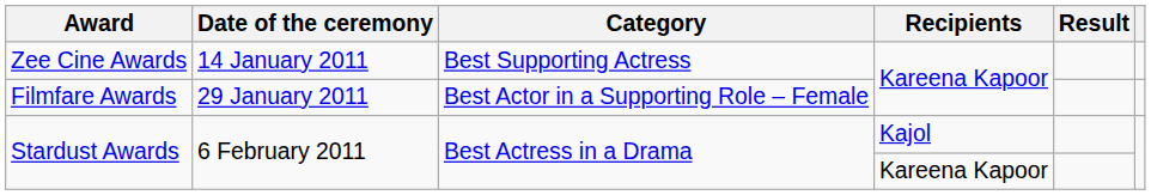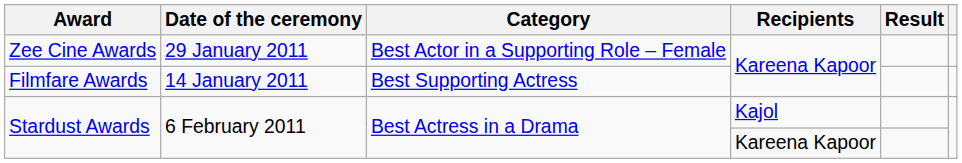 <table class="wikitable plainrowheaders sortable">
 <tr>
 <th scope="col">Award</th>
 <th scope="col">Date of the ceremony</th>
 <th scope="col">Category</th>
 <th scope="col">Recipients</th>
 <th scope="col">Result</th>
 <th class="unsortable" scope="col"></th>
 </tr>
 <tr>
 <td><a href='#'>Zee Cine Awards</a></td>
-<td><a href='#'>14 January 2011</a></td>
-<td><a href='#'>Best Supporting Actress</a></td>
+<td><a href='#'>29 January 2011</a></td>
+<td><a href='#'>Best Actor in a Supporting Role – Female</a></td>
 <td rowspan="2"><a href='#'>Kareena Kapoor</a></td>
 <td></td>
 <td></td>
 </tr>
 <tr>
 <td scope="row"><a href='#'>Filmfare Awards</a></td>
-<td><a href='#'>29 January 2011</a></td>
-<td><a href='#'>Best Actor in a Supporting Role – Female</a></td>
+<td><a href='#'>14 January 2011</a></td>
+<td><a href='#'>Best Supporting Actress</a></td>
 <td></td>
 <td></td>
 </tr>
 <tr>
 <td rowspan="2"><a href='#'>Stardust Awards</a></td>
 <td rowspan="2">6 February 2011</td>
 <td rowspan="2"><a href='#'>Best Actress in a Drama</a></td>
 <td><a href='#'>Kajol</a></td>
 <td></td>
 <td rowspan="2"></td>
 </tr>
 <tr>
 <td>Kareena Kapoor</td>
 <td></td>
 </tr>
 </table>
